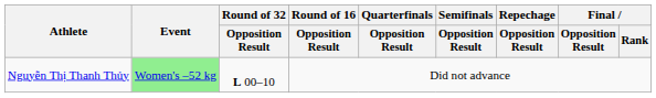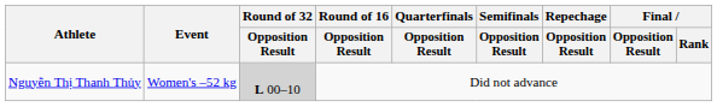 <table class="wikitable" style="font-size:90%">
 <tr>
 <th rowspan="2">Athlete</th>
 <th rowspan="2">Event</th>
 <th>Round of 32</th>
 <th>Round of 16</th>
 <th>Quarterfinals</th>
 <th>Semifinals</th>
 <th>Repechage</th>
 <th colspan=2>Final / </th>
 </tr>
 <tr style="font-size:95%">
 <th>Opposition<br>Result</th>
 <th>Opposition<br>Result</th>
 <th>Opposition<br>Result</th>
 <th>Opposition<br>Result</th>
 <th>Opposition<br>Result</th>
 <th>Opposition<br>Result</th>
 <th>Rank</th>
 </tr>
 <tr align=center>
 <td align=left><a href='#'>Nguyễn Thị Thanh Thủy</a></td>
-<td align=left style="background: lightgreen;"><a href='#'>Women's –52 kg</a></td>
-<td><br><strong>L</strong> 00–10</td>
+<td align=left><a href='#'>Women's –52 kg</a></td>
+<td style="background: lightgrey;"><br><strong>L</strong> 00–10</td>
 <td colspan=6>Did not advance</td>
 </tr>
 </table>
